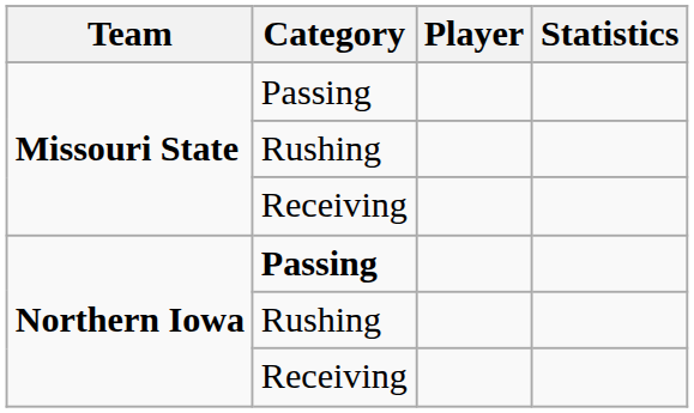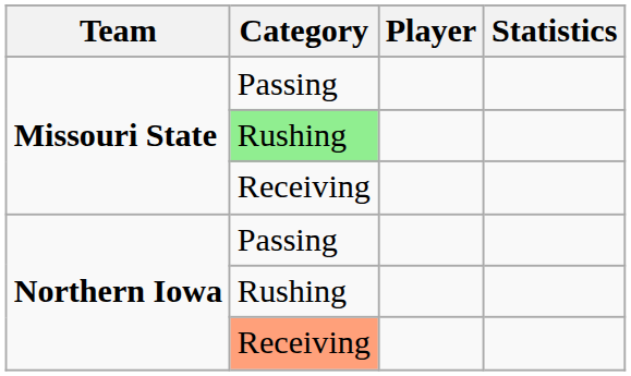 <table class="wikitable" style="float: right;">
 <tr>
 <th>Team</th>
 <th>Category</th>
 <th>Player</th>
 <th>Statistics</th>
 </tr>
 <tr>
 <td rowspan=3><strong>Missouri State</strong></td>
 <td>Passing</td>
 <td></td>
 <td></td>
 </tr>
 <tr>
-<td>Rushing</td>
+<td style="background: lightgreen;">Rushing</td>
 <td></td>
 <td></td>
 </tr>
 <tr>
 <td>Receiving</td>
 <td></td>
 <td></td>
 </tr>
 <tr>
 <td rowspan=3><strong>Northern Iowa</strong></td>
-<td><strong>Passing</strong></td>
+<td>Passing</td>
 <td></td>
 <td></td>
 </tr>
 <tr>
 <td>Rushing</td>
 <td></td>
 <td></td>
 </tr>
 <tr>
-<td>Receiving</td>
+<td style="background: lightsalmon;">Receiving</td>
 <td></td>
 <td></td>
 </tr>
 </table>
